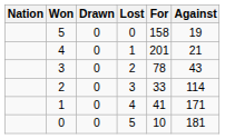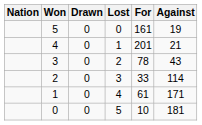 <table class="wikitable" style="text-align: center;">
 <tr>
 <th>Nation</th>
 <th>Won</th>
 <th>Drawn</th>
 <th>Lost</th>
 <th>For</th>
 <th>Against</th>
 </tr>
 <tr>
 <td align="left"></td>
 <td>5</td>
 <td>0</td>
 <td>0</td>
-<td>158</td>
+<td>161</td>
 <td>19</td>
 </tr>
 <tr>
 <td align="left"></td>
 <td>4</td>
 <td>0</td>
 <td>1</td>
 <td>201</td>
 <td>21</td>
 </tr>
 <tr>
 <td align="left"></td>
 <td>3</td>
 <td>0</td>
 <td>2</td>
 <td>78</td>
 <td>43</td>
 </tr>
 <tr>
 <td align="left"></td>
 <td>2</td>
 <td>0</td>
 <td>3</td>
 <td>33</td>
 <td>114</td>
 </tr>
 <tr>
 <td align="left"></td>
 <td>1</td>
 <td>0</td>
 <td>4</td>
-<td>41</td>
+<td>61</td>
 <td>171</td>
 </tr>
 <tr>
 <td align="left"></td>
 <td>0</td>
 <td>0</td>
 <td>5</td>
 <td>10</td>
 <td>181</td>
 </tr>
 </table>
